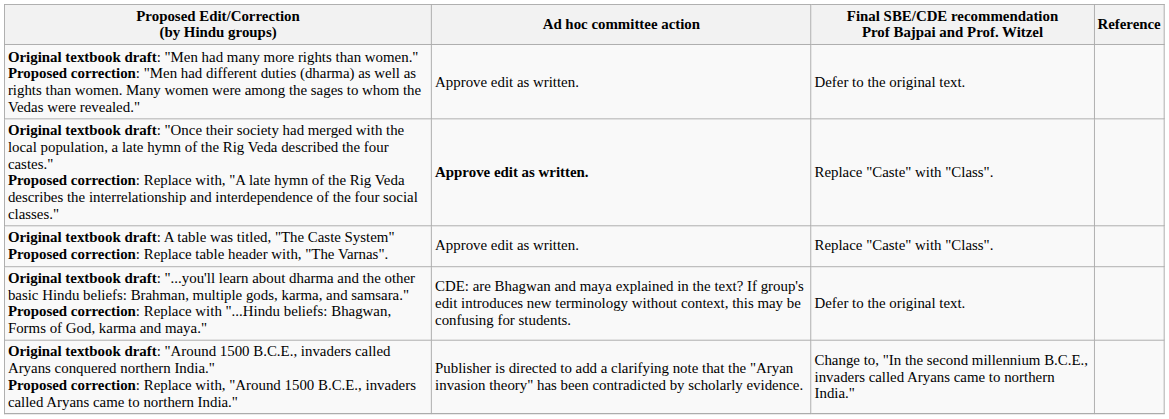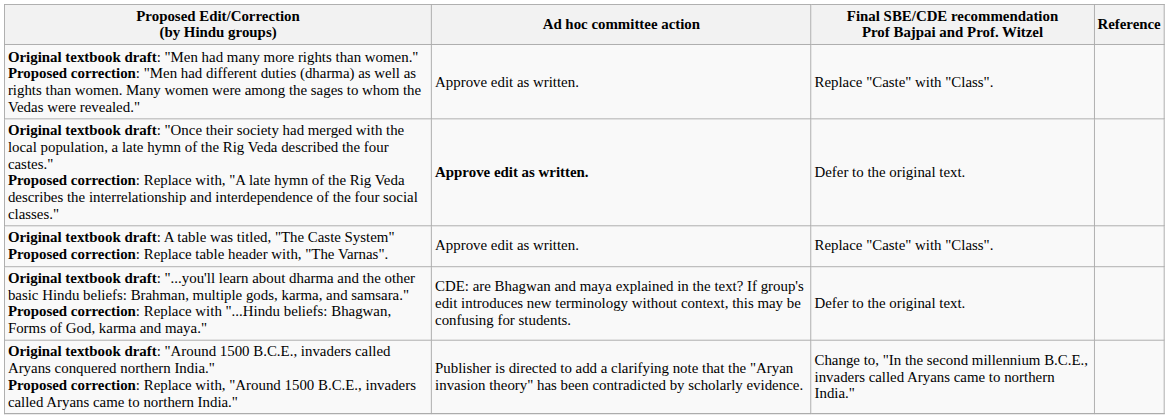 <table class="wikitable">
 <tr>
 <th>Proposed Edit/Correction<br>(by Hindu groups)</th>
 <th>Ad hoc committee action</th>
 <th>Final SBE/CDE recommendation<br>Prof Bajpai and Prof. Witzel</th>
 <th>Reference</th>
 </tr>
 <tr>
 <td><strong>Original textbook draft</strong>: "Men had many more rights than women."<br><strong>Proposed correction</strong>: "Men had different duties (dharma) as well as rights than women. Many women were among the sages to whom the Vedas were revealed."</td>
 <td>Approve edit as written.</td>
-<td>Defer to the original text.</td>
+<td>Replace "Caste" with "Class".</td>
 <td></td>
 </tr>
 <tr>
 <td><strong>Original textbook draft</strong>: "Once their society had merged with the local population, a late hymn of the Rig Veda described the four castes."<br><strong>Proposed correction</strong>: Replace with, "A late hymn of the Rig Veda describes the interrelationship and interdependence of the four social classes."</td>
 <td><strong>Approve edit as written.</strong></td>
-<td>Replace "Caste" with "Class".</td>
+<td>Defer to the original text.</td>
 <td></td>
 </tr>
 <tr>
 <td><strong>Original textbook draft</strong>: A table was titled, "The Caste System"<br><strong>Proposed correction</strong>: Replace table header with, "The Varnas".</td>
 <td>Approve edit as written.</td>
 <td>Replace "Caste" with "Class".</td>
 <td></td>
 </tr>
 <tr>
 <td><strong>Original textbook draft</strong>: "...you'll learn about dharma and the other basic Hindu beliefs: Brahman, multiple gods, karma, and samsara."<br><strong>Proposed correction</strong>: Replace with "...Hindu beliefs: Bhagwan, Forms of God, karma and maya."</td>
 <td>CDE: are Bhagwan and maya explained in the text? If group's edit introduces new terminology without context, this may be confusing for students.</td>
 <td>Defer to the original text.</td>
 <td></td>
 </tr>
 <tr>
 <td><strong>Original textbook draft</strong>: "Around 1500 B.C.E., invaders called Aryans conquered northern India."<br><strong>Proposed correction</strong>: Replace with, "Around 1500 B.C.E., invaders called Aryans came to northern India."</td>
 <td>Publisher is directed to add a clarifying note that the "Aryan invasion theory" has been contradicted by scholarly evidence.</td>
 <td>Change to, "In the second millennium B.C.E., invaders called Aryans came to northern India."</td>
 <td></td>
 </tr>
 <tr>
 </tr>
 </table>
